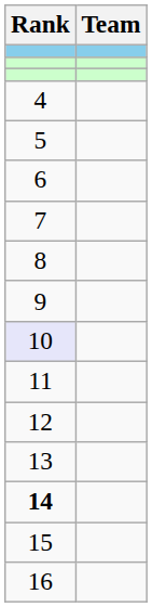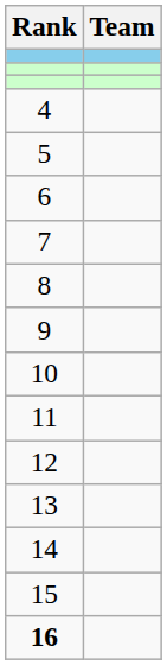 <table class="wikitable" style="text-align:center">
 <tr>
 <th>Rank</th>
 <th>Team</th>
 </tr>
 <tr bgcolor=skyblue>
 <td></td>
 <td align=left></td>
 </tr>
 <tr bgcolor=#ccffcc>
 <td></td>
 <td align=left></td>
 </tr>
 <tr bgcolor=#ccffcc>
 <td></td>
 <td align=left></td>
 </tr>
 <tr>
 <td>4</td>
 <td align=left></td>
 </tr>
 <tr>
 <td>5</td>
 <td align=left></td>
 </tr>
 <tr>
 <td>6</td>
 <td align=left></td>
 </tr>
 <tr>
 <td>7</td>
 <td align=left></td>
 </tr>
 <tr>
 <td>8</td>
 <td align=left></td>
 </tr>
 <tr>
 <td>9</td>
 <td align=left></td>
 </tr>
 <tr>
-<td style="background: lavender;">10</td>
+<td>10</td>
 <td align=left></td>
 </tr>
 <tr>
 <td>11</td>
 <td align=left></td>
 </tr>
 <tr>
 <td>12</td>
 <td align=left></td>
 </tr>
 <tr>
 <td>13</td>
 <td align=left></td>
 </tr>
 <tr>
-<td><strong>14</strong></td>
+<td>14</td>
 <td align=left></td>
 </tr>
 <tr>
 <td>15</td>
 <td align=left></td>
 </tr>
 <tr>
-<td>16</td>
+<td><strong>16</strong></td>
 <td align=left></td>
 </tr>
 </table>
